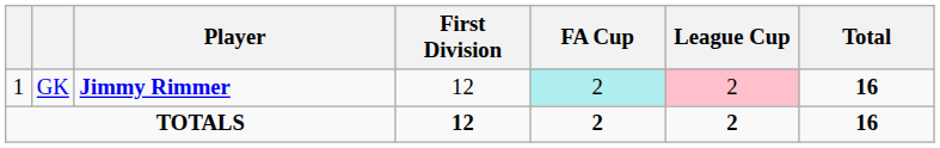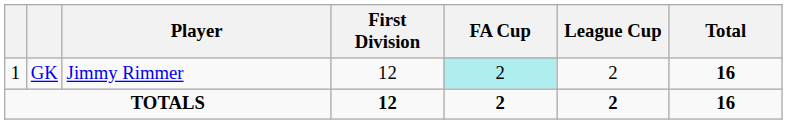 <table class="wikitable" style="font-size: 90%; text-align: center;">
 <tr>
 <th width=10></th>
 <th width=10></th>
 <th width=200>Player</th>
 <th width=80>First Division</th>
 <th width=80>FA Cup</th>
 <th width=80>League Cup</th>
 <th width=80><strong>Total</strong></th>
 </tr>
 <tr>
 <td>1</td>
 <td><a href='#'>GK</a></td>
-<td align=left><strong> <a href='#'>Jimmy Rimmer</a></strong></td>
+<td align=left> <a href='#'>Jimmy Rimmer</a></td>
 <td>12</td>
 <td style="background: paleturquoise;">2</td>
-<td style="background: pink;">2</td>
+<td>2</td>
 <td><strong>16</strong></td>
 </tr>
 <tr>
 <td colspan="3"><strong>TOTALS</strong></td>
 <td><strong>12</strong></td>
 <td><strong>2</strong></td>
 <td><strong>2</strong></td>
 <td><strong>16</strong></td>
 </tr>
 </table>
